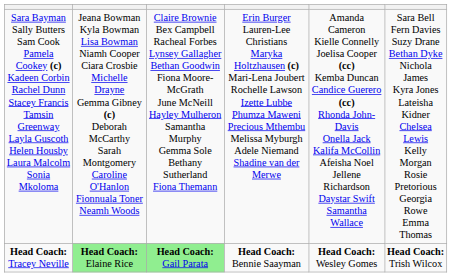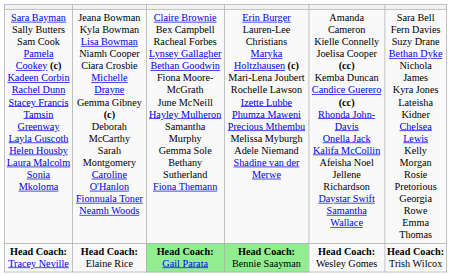 <table class=wikitable width=100% style="text-align:center; font-size:90%">
 <tr>
 <th></th>
 <th></th>
 <th></th>
 <th></th>
 <th></th>
 <th></th>
 </tr>
 <tr valign=top>
 <td><a href='#'>Sara Bayman</a><br>Sally Butters<br>Sam Cook<br><a href='#'>Pamela Cookey</a> <strong>(c)</strong><br><a href='#'>Kadeen Corbin</a><br><a href='#'>Rachel Dunn</a><br><a href='#'>Stacey Francis</a><br><a href='#'>Tamsin Greenway</a><br><a href='#'>Layla Guscoth</a><br><a href='#'>Helen Housby</a><br><a href='#'>Laura Malcolm</a><br><a href='#'>Sonia Mkoloma</a></td>
 <td>Jeana Bowman<br>Kyla Bowman<br><a href='#'>Lisa Bowman</a><br>Niamh Cooper<br>Ciara Crosbie<br><a href='#'>Michelle Drayne</a><br>Gemma Gibney <strong>(c)</strong><br>Deborah McCarthy<br>Sarah Montgomery<br><a href='#'>Caroline O'Hanlon</a><br><a href='#'>Fionnuala Toner</a><br><a href='#'>Neamh Woods</a></td>
 <td><a href='#'>Claire Brownie</a><br>Bex Campbell<br>Racheal Forbes<br><a href='#'>Lynsey Gallagher</a><br><a href='#'>Bethan Goodwin</a><br>Fiona Moore-McGrath<br>June McNeill<br><a href='#'>Hayley Mulheron</a><br>Samantha Murphy<br>Gemma Sole<br>Bethany Sutherland<br><a href='#'>Fiona Themann</a></td>
 <td><a href='#'>Erin Burger</a><br>Lauren-Lee Christians<br><a href='#'>Maryka Holtzhausen</a> <strong>(c)</strong><br>Mari-Lena Joubert<br>Rochelle Lawson<br><a href='#'>Izette Lubbe</a><br><a href='#'>Phumza Maweni</a><br><a href='#'>Precious Mthembu</a><br>Melissa Myburgh<br>Adele Niemand <br><a href='#'>Shadine van der Merwe</a></td>
 <td>Amanda Cameron<br>Kielle Connelly<br>Joelisa Cooper <strong>(cc)</strong><br>Kemba Duncan<br><a href='#'>Candice Guerero</a> <strong>(cc)</strong><br><a href='#'>Rhonda John-Davis</a><br><a href='#'>Onella Jack</a><br><a href='#'>Kalifa McCollin</a><br>Afeisha Noel<br>Jellene Richardson<br><a href='#'>Daystar Swift</a><br><a href='#'>Samantha Wallace</a></td>
 <td>Sara Bell<br>Fern Davies<br>Suzy Drane<br><a href='#'>Bethan Dyke</a><br>Nichola James<br>Kyra Jones<br>Lateisha Kidner<br><a href='#'>Chelsea Lewis</a><br>Kelly Morgan<br>Rosie Pretorious<br>Georgia Rowe<br>Emma Thomas</td>
 </tr>
 <tr>
 <td> <strong>Head Coach:</strong><br><a href='#'>Tracey Neville</a></td>
-<td style="background: lightgreen;"> <strong>Head Coach:</strong><br>Elaine Rice</td>
+<td> <strong>Head Coach:</strong><br>Elaine Rice</td>
 <td style="background: lightgreen;"> <strong>Head Coach:</strong><br><a href='#'>Gail Parata</a></td>
-<td> <strong>Head Coach:</strong><br>Bennie Saayman</td>
+<td style="background: lightgreen;"> <strong>Head Coach:</strong><br>Bennie Saayman</td>
 <td> <strong>Head Coach:</strong><br>Wesley Gomes</td>
 <td> <strong>Head Coach:</strong><br>Trish Wilcox</td>
 </tr>
 </table>
